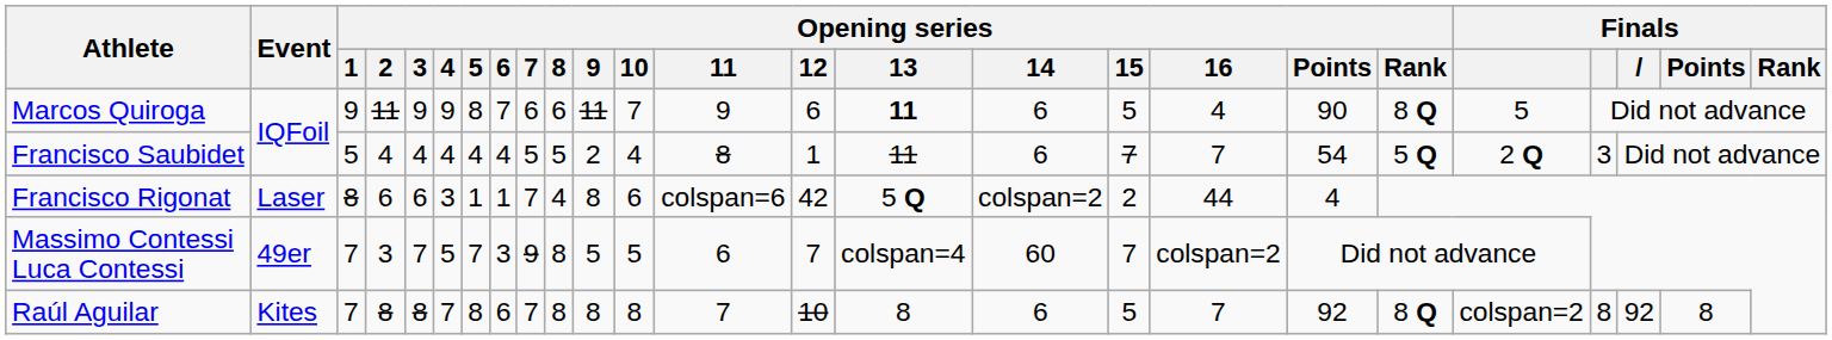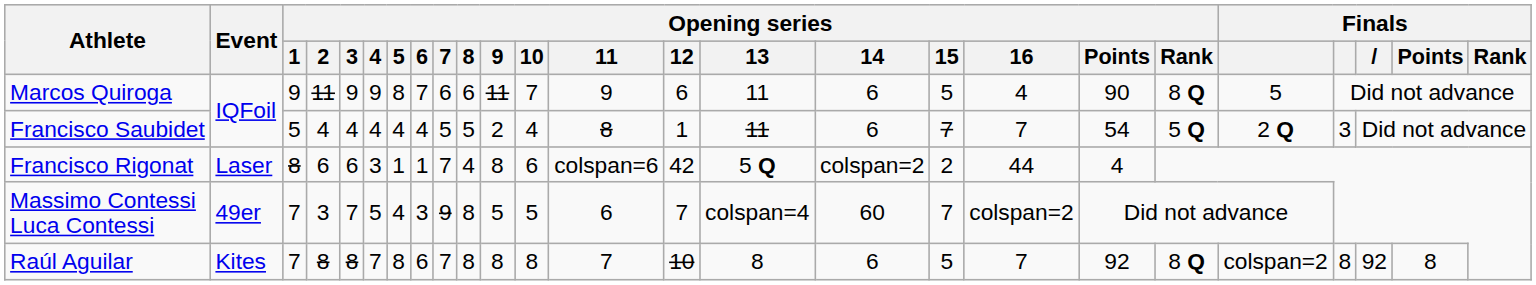 <table class=wikitable style=font-size:90%;text-align:center>
 <tr>
 <th rowspan=2>Athlete</th>
 <th rowspan=2>Event</th>
 <th colspan=18>Opening series</th>
 <th colspan=5>Finals</th>
 </tr>
 <tr style=font-size:95%>
 <th>1</th>
 <th>2</th>
 <th>3</th>
 <th>4</th>
 <th>5</th>
 <th>6</th>
 <th>7</th>
 <th>8</th>
 <th>9</th>
 <th>10</th>
 <th>11</th>
 <th>12</th>
 <th>13</th>
 <th>14</th>
 <th>15</th>
 <th>16</th>
 <th>Points</th>
 <th>Rank</th>
 <th></th>
 <th></th>
 <th> / </th>
 <th>Points</th>
 <th>Rank</th>
 </tr>
 <tr>
 <td align=left><a href='#'>Marcos Quiroga</a></td>
 <td align=left rowspan=2><a href='#'>IQFoil</a></td>
 <td>9</td>
 <td><s>11<br></s></td>
 <td>9</td>
 <td>9</td>
 <td>8</td>
 <td>7</td>
 <td>6</td>
 <td>6</td>
 <td><s>11<br></s></td>
 <td>7</td>
 <td>9</td>
 <td>6</td>
-<td><strong>11<br></strong></td>
+<td>11<br></td>
 <td>6</td>
 <td>5</td>
 <td>4</td>
 <td>90</td>
 <td>8 <strong>Q</strong></td>
 <td>5</td>
 <td colspan=4>Did not advance</td>
 </tr>
 <tr>
 <td align=left><a href='#'>Francisco Saubidet</a></td>
 <td>5</td>
 <td>4</td>
 <td>4</td>
 <td>4</td>
 <td>4</td>
 <td>4</td>
 <td>5</td>
 <td>5</td>
 <td>2</td>
 <td>4</td>
 <td><s>8</s></td>
 <td>1</td>
 <td><s>11<br></s></td>
 <td>6</td>
 <td><s>7</s></td>
 <td>7</td>
 <td>54</td>
 <td>5 <strong>Q</strong></td>
 <td>2 <strong>Q</strong></td>
 <td>3</td>
 <td colspan="3">Did not advance</td>
 </tr>
 <tr>
 <td align="left"><a href='#'>Francisco Rigonat</a></td>
 <td align="left"><a href='#'>Laser</a></td>
 <td><s>8</s></td>
 <td>6</td>
 <td>6</td>
 <td>3</td>
 <td>1</td>
 <td>1</td>
 <td>7</td>
 <td>4</td>
 <td>8</td>
 <td>6</td>
 <td>colspan=6 </td>
 <td>42</td>
 <td>5 <strong>Q</strong></td>
 <td>colspan=2 </td>
 <td>2</td>
 <td>44</td>
 <td>4</td>
 </tr>
 <tr>
 <td align=left><a href='#'>Massimo Contessi</a><br><a href='#'>Luca Contessi</a></td>
 <td align=left><a href='#'>49er</a></td>
 <td>7</td>
 <td>3</td>
 <td>7</td>
 <td>5</td>
-<td>7</td>
+<td>4</td>
 <td>3</td>
 <td><s>9<br></s></td>
 <td>8</td>
 <td>5</td>
 <td>5</td>
 <td>6</td>
 <td>7</td>
 <td>colspan=4 </td>
 <td>60</td>
 <td>7</td>
 <td>colspan=2 </td>
 <td colspan="3">Did not advance</td>
 </tr>
 <tr>
 <td align=left><a href='#'>Raúl Aguilar</a></td>
 <td align=left><a href='#'>Kites</a></td>
 <td>7</td>
 <td><s>8</s></td>
 <td><s>8</s></td>
 <td>7</td>
 <td>8</td>
 <td>6</td>
 <td>7</td>
 <td>8</td>
 <td>8</td>
 <td>8</td>
 <td>7</td>
 <td><s>10<br></s></td>
 <td>8</td>
 <td>6</td>
 <td>5</td>
 <td>7</td>
 <td>92</td>
 <td>8 <strong>Q</strong></td>
 <td>colspan=2 </td>
 <td>8</td>
 <td>92</td>
 <td>8</td>
 </tr>
 </table>
